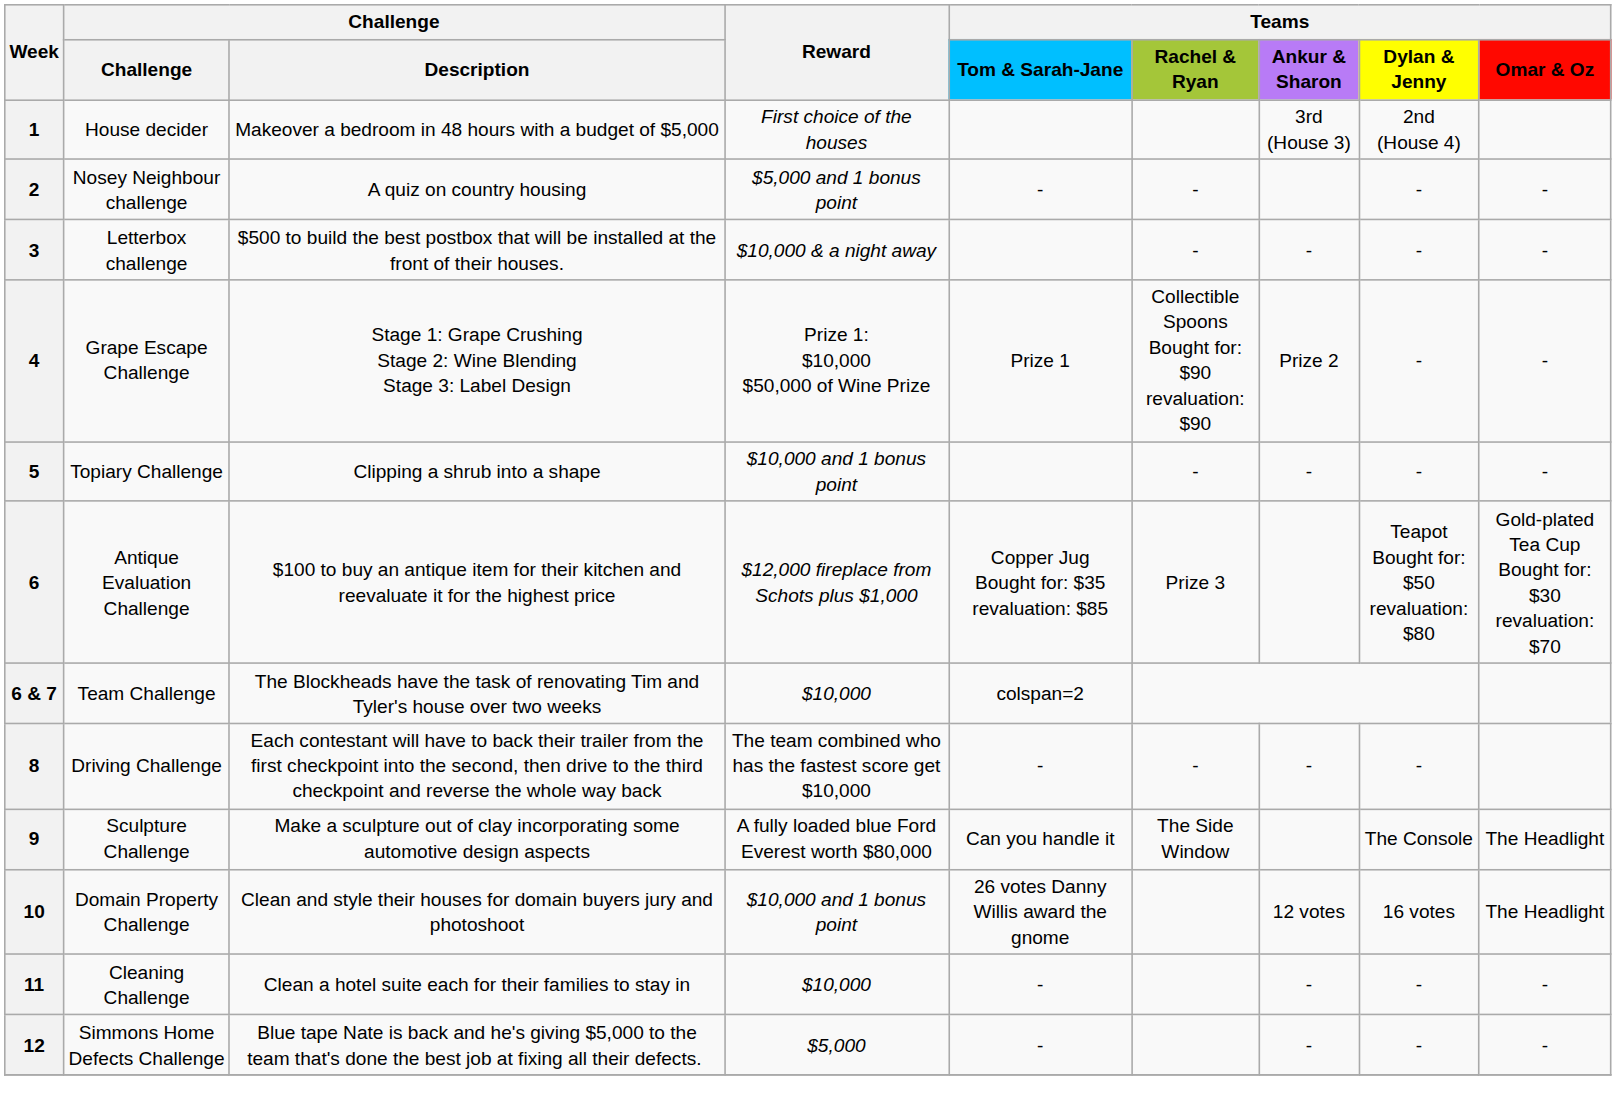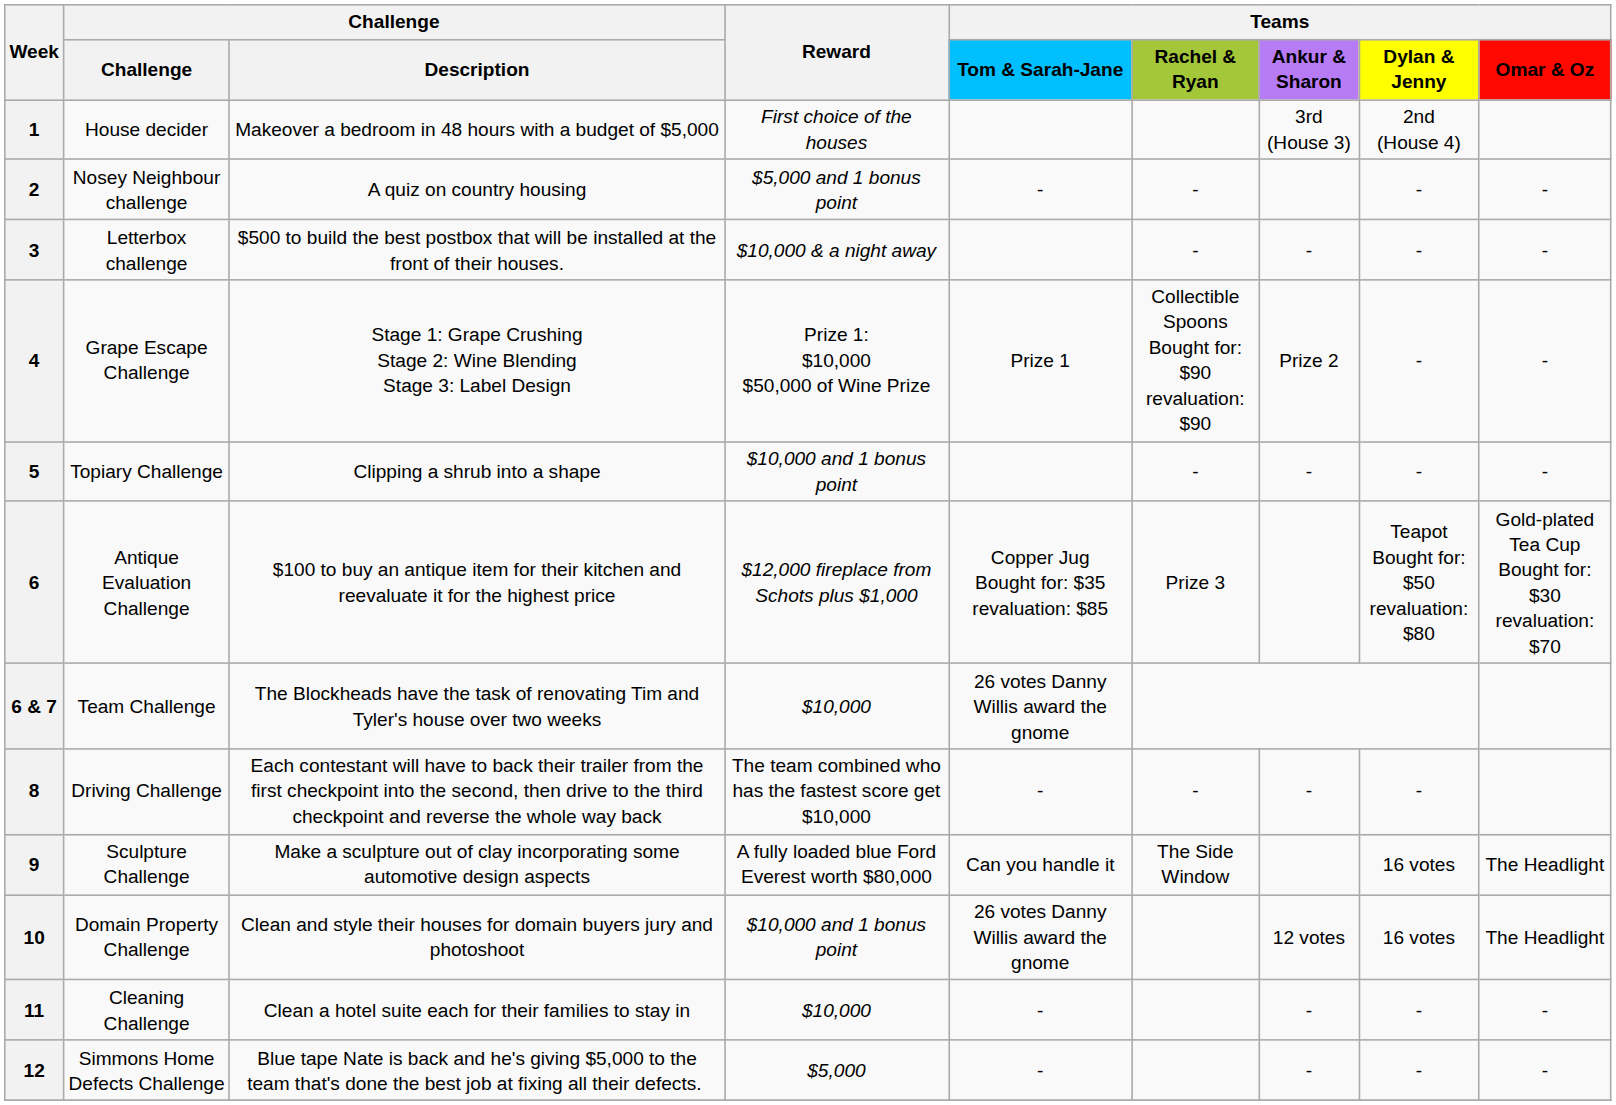 <table class="wikitable" style="text-align: center; font-size: 9pt; line-height:16px; width:80%">
 <tr>
 <th scope="col" rowspan="2">Week</th>
 <th scope="col" colspan="2">Challenge</th>
 <th scope="col" rowspan="2">Reward</th>
 <th scope="col" colspan="5">Teams</th>
 </tr>
 <tr>
 <th scope="col">Challenge</th>
 <th scope="col">Description</th>
 <th style="background:#00BFFF; color:black;"><strong>Tom & Sarah-Jane</strong></th>
 <th style="background:#A4C639; color:black;">Rachel & Ryan</th>
 <th style="background:#B87BF6; color:black;"><strong>Ankur & Sharon</strong></th>
 <th style="background:yellow; color:black;"><strong>Dylan & Jenny</strong></th>
 <th style="background:#FF0800; color:black;"><strong>Omar & Oz</strong></th>
 </tr>
 <tr>
 <th>1</th>
 <td>House decider</td>
 <td>Makeover a bedroom in 48 hours with a budget of $5,000</td>
 <td><em>First choice of the houses</em></td>
 <td></td>
 <td></td>
 <td>3rd<br>(House 3)</td>
 <td>2nd<br>(House 4)</td>
 <td></td>
 </tr>
 <tr>
 <th>2</th>
 <td>Nosey Neighbour challenge</td>
 <td>A quiz on country housing</td>
 <td><em>$5,000 and 1 bonus point</em></td>
 <td>-</td>
 <td>-</td>
 <td></td>
 <td>-</td>
 <td>-</td>
 </tr>
 <tr>
 <th>3</th>
 <td>Letterbox challenge</td>
 <td>$500 to build the best postbox that will be installed at the front of their houses.</td>
 <td><em>$10,000 & a night away</em></td>
 <td></td>
 <td>-</td>
 <td>-</td>
 <td>-</td>
 <td>-</td>
 </tr>
 <tr>
 <th>4</th>
 <td>Grape Escape Challenge</td>
 <td>Stage 1: Grape Crushing<br>Stage 2: Wine Blending <br>Stage 3: Label Design</td>
 <td>Prize 1:<br>$10,000<br> $50,000 of Wine Prize</td>
 <td>Prize 1</td>
 <td>Collectible Spoons<br>Bought for: $90<br>revaluation: $90</td>
 <td>Prize 2</td>
 <td>-</td>
 <td>-</td>
 </tr>
 <tr>
 <th>5</th>
 <td>Topiary Challenge</td>
 <td>Clipping a shrub into a shape</td>
 <td><em>$10,000 and 1 bonus point</em></td>
 <td></td>
 <td>-</td>
 <td>-</td>
 <td>-</td>
 <td>-</td>
 </tr>
 <tr>
 <th>6</th>
 <td>Antique Evaluation Challenge</td>
 <td>$100 to buy an antique item for their kitchen and reevaluate it for the highest price</td>
 <td><em>$12,000 fireplace from Schots plus $1,000</em></td>
 <td>Copper Jug<br>Bought for: $35<br>revaluation: $85</td>
 <td>Prize 3</td>
 <td></td>
 <td>Teapot<br>Bought for: $50<br>revaluation: $80</td>
 <td>Gold-plated Tea Cup<br>Bought for: $30<br>revaluation: $70</td>
 </tr>
 <tr>
 <th>6 & 7</th>
 <td>Team Challenge</td>
 <td>The Blockheads have the task of renovating Tim and Tyler's house over two weeks</td>
 <td><em>$10,000</em></td>
-<td>colspan=2 </td>
+<td>26 votes Danny Willis award the gnome</td>
 <td colspan=3></td>
 </tr>
 <tr>
 <th>8</th>
 <td>Driving Challenge</td>
 <td>Each contestant will have to back their trailer from the first checkpoint into the second, then drive to the third checkpoint and reverse the whole way back</td>
 <td>The team combined who has the fastest score get $10,000</td>
 <td>-</td>
 <td>-</td>
 <td>-</td>
 <td>-</td>
 <td></td>
 </tr>
 <tr>
 <th>9</th>
 <td>Sculpture Challenge</td>
 <td>Make a sculpture out of clay incorporating some automotive design aspects</td>
 <td>A fully loaded blue Ford Everest worth $80,000</td>
 <td>Can you handle it</td>
 <td>The Side Window</td>
 <td></td>
-<td>The Console</td>
+<td>16 votes</td>
 <td>The Headlight</td>
 </tr>
 <tr>
 <th>10</th>
 <td>Domain Property Challenge</td>
 <td>Clean and style their houses for domain buyers jury and photoshoot</td>
 <td><em>$10,000 and 1 bonus point</em></td>
 <td>26 votes Danny Willis award the gnome</td>
 <td></td>
 <td>12 votes</td>
 <td>16 votes</td>
 <td>The Headlight</td>
 </tr>
 <tr>
 <th>11</th>
 <td>Cleaning Challenge</td>
 <td>Clean a hotel suite each for their families to stay in</td>
 <td><em>$10,000</em></td>
 <td>-</td>
 <td></td>
 <td>-</td>
 <td>-</td>
 <td>-</td>
 </tr>
 <tr>
 <th>12</th>
 <td>Simmons Home Defects Challenge</td>
 <td>Blue tape Nate is back and he's giving $5,000 to the team that's done the best job at fixing all their defects. </td>
 <td><em>$5,000</em></td>
 <td>-</td>
 <td></td>
 <td>-</td>
 <td>-</td>
 <td>-</td>
 </tr>
 <tr>
 </tr>
 </table>
